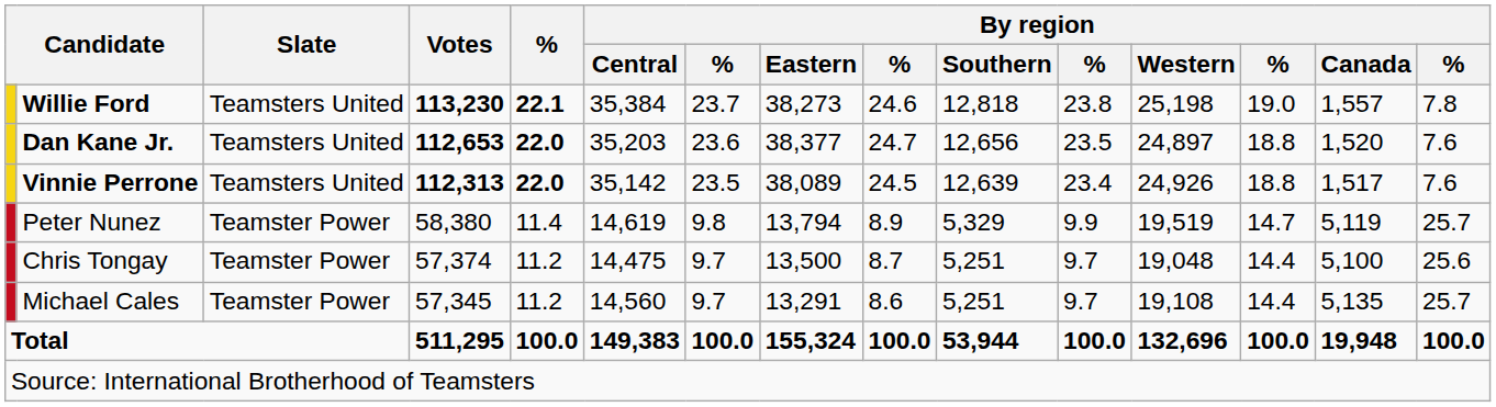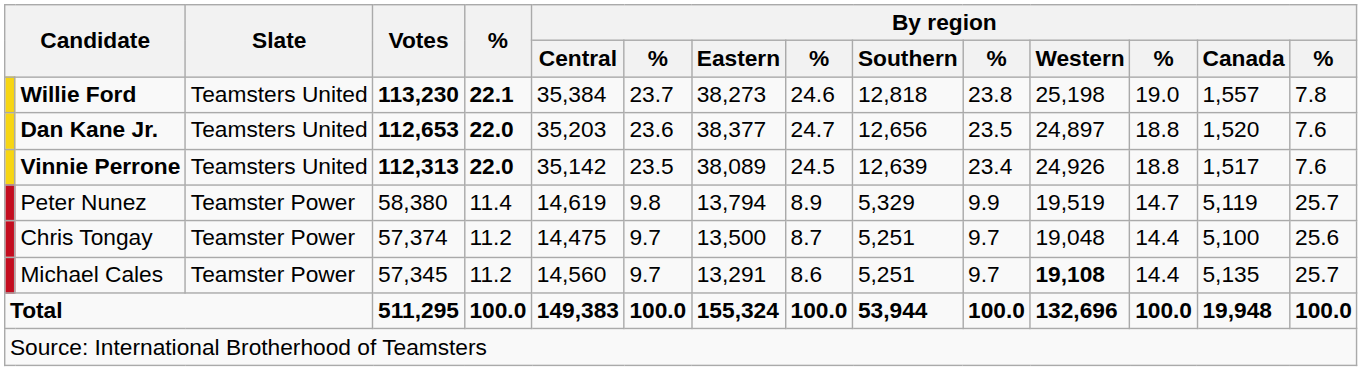 <table class="wikitable defaultright col1left col2left col3left">
 <tr>
 <th rowspan=2 colspan=2>Candidate</th>
 <th rowspan=2>Slate</th>
 <th rowspan=2>Votes</th>
 <th rowspan=2>%</th>
 <th colspan=10>By region</th>
 </tr>
 <tr>
 <th>Central</th>
 <th>%</th>
 <th>Eastern</th>
 <th>%</th>
 <th>Southern</th>
 <th>%</th>
 <th>Western</th>
 <th>%</th>
 <th>Canada</th>
 <th>%</th>
 </tr>
 <tr>
 <td style="background: #F7D612"></td>
 <td><strong>Willie Ford</strong></td>
 <td style="white-space: nowrap">Teamsters United</td>
 <td><strong>113,230</strong></td>
 <td><strong>22.1</strong></td>
 <td>35,384</td>
 <td>23.7</td>
 <td>38,273</td>
 <td>24.6</td>
 <td>12,818</td>
 <td>23.8</td>
 <td>25,198</td>
 <td>19.0</td>
 <td>1,557</td>
 <td>7.8</td>
 </tr>
 <tr>
 <td style="background: #F7D612"></td>
 <td><strong>Dan Kane Jr.</strong></td>
 <td>Teamsters United</td>
 <td><strong>112,653</strong></td>
 <td><strong>22.0</strong></td>
 <td>35,203</td>
 <td>23.6</td>
 <td>38,377</td>
 <td>24.7</td>
 <td>12,656</td>
 <td>23.5</td>
 <td>24,897</td>
 <td>18.8</td>
 <td>1,520</td>
 <td>7.6</td>
 </tr>
 <tr>
 <td style="background: #F7D612"></td>
 <td><strong>Vinnie Perrone</strong></td>
 <td>Teamsters United</td>
 <td><strong>112,313</strong></td>
 <td><strong>22.0</strong></td>
 <td>35,142</td>
 <td>23.5</td>
 <td>38,089</td>
 <td>24.5</td>
 <td>12,639</td>
 <td>23.4</td>
 <td>24,926</td>
 <td>18.8</td>
 <td>1,517</td>
 <td>7.6</td>
 </tr>
 <tr>
 <td style="background: #C40C1F"></td>
 <td>Peter Nunez</td>
 <td>Teamster Power</td>
 <td>58,380</td>
 <td>11.4</td>
 <td>14,619</td>
 <td>9.8</td>
 <td>13,794</td>
 <td>8.9</td>
 <td>5,329</td>
 <td>9.9</td>
 <td>19,519</td>
 <td>14.7</td>
 <td>5,119</td>
 <td>25.7</td>
 </tr>
 <tr>
 <td style="background: #C40C1F"></td>
 <td>Chris Tongay</td>
 <td>Teamster Power</td>
 <td>57,374</td>
 <td>11.2</td>
 <td>14,475</td>
 <td>9.7</td>
 <td>13,500</td>
 <td>8.7</td>
 <td>5,251</td>
 <td>9.7</td>
 <td>19,048</td>
 <td>14.4</td>
 <td>5,100</td>
 <td>25.6</td>
 </tr>
 <tr>
 <td style="background: #C40C1F"></td>
 <td>Michael Cales</td>
 <td>Teamster Power</td>
 <td>57,345</td>
 <td>11.2</td>
 <td>14,560</td>
 <td>9.7</td>
 <td>13,291</td>
 <td>8.6</td>
 <td>5,251</td>
 <td>9.7</td>
-<td>19,108</td>
+<td><strong>19,108</strong></td>
 <td>14.4</td>
 <td>5,135</td>
 <td>25.7</td>
 </tr>
 <tr style="font-weight: bold">
 <td colspan=3>Total</td>
 <td style="text-align: right">511,295</td>
 <td style="text-align: right">100.0</td>
 <td>149,383</td>
 <td>100.0</td>
 <td>155,324</td>
 <td>100.0</td>
 <td>53,944</td>
 <td>100.0</td>
 <td>132,696</td>
 <td>100.0</td>
 <td>19,948</td>
 <td>100.0</td>
 </tr>
 <tr>
 <td colspan=15>Source: International Brotherhood of Teamsters</td>
 </tr>
 </table>
